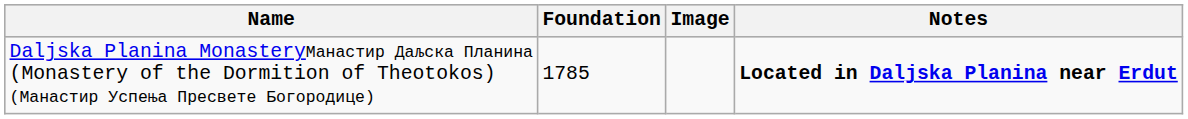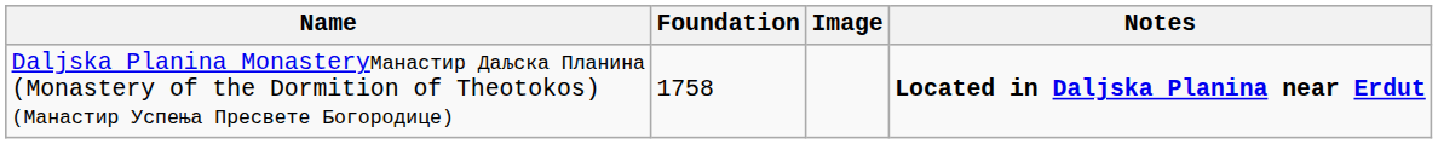 <table class="wikitable" style="font-size:95%;">
 <tr>
 <th>Name</th>
 <th>Foundation</th>
 <th>Image</th>
 <th>Notes</th>
 </tr>
 <tr>
 <td><a href='#'>Daljska Planina Monastery</a><small>Манастир Даљска Планина</small><br>(Monastery of the Dormition of Theotokos)<br><small>(Манастир Успења Пресвете Богородице)</small></td>
-<td>1785</td>
+<td>1758</td>
 <td></td>
 <td><strong>Located in <a href='#'>Daljska Planina</a> near <a href='#'>Erdut</a></strong></td>
 </tr>
 </table>
